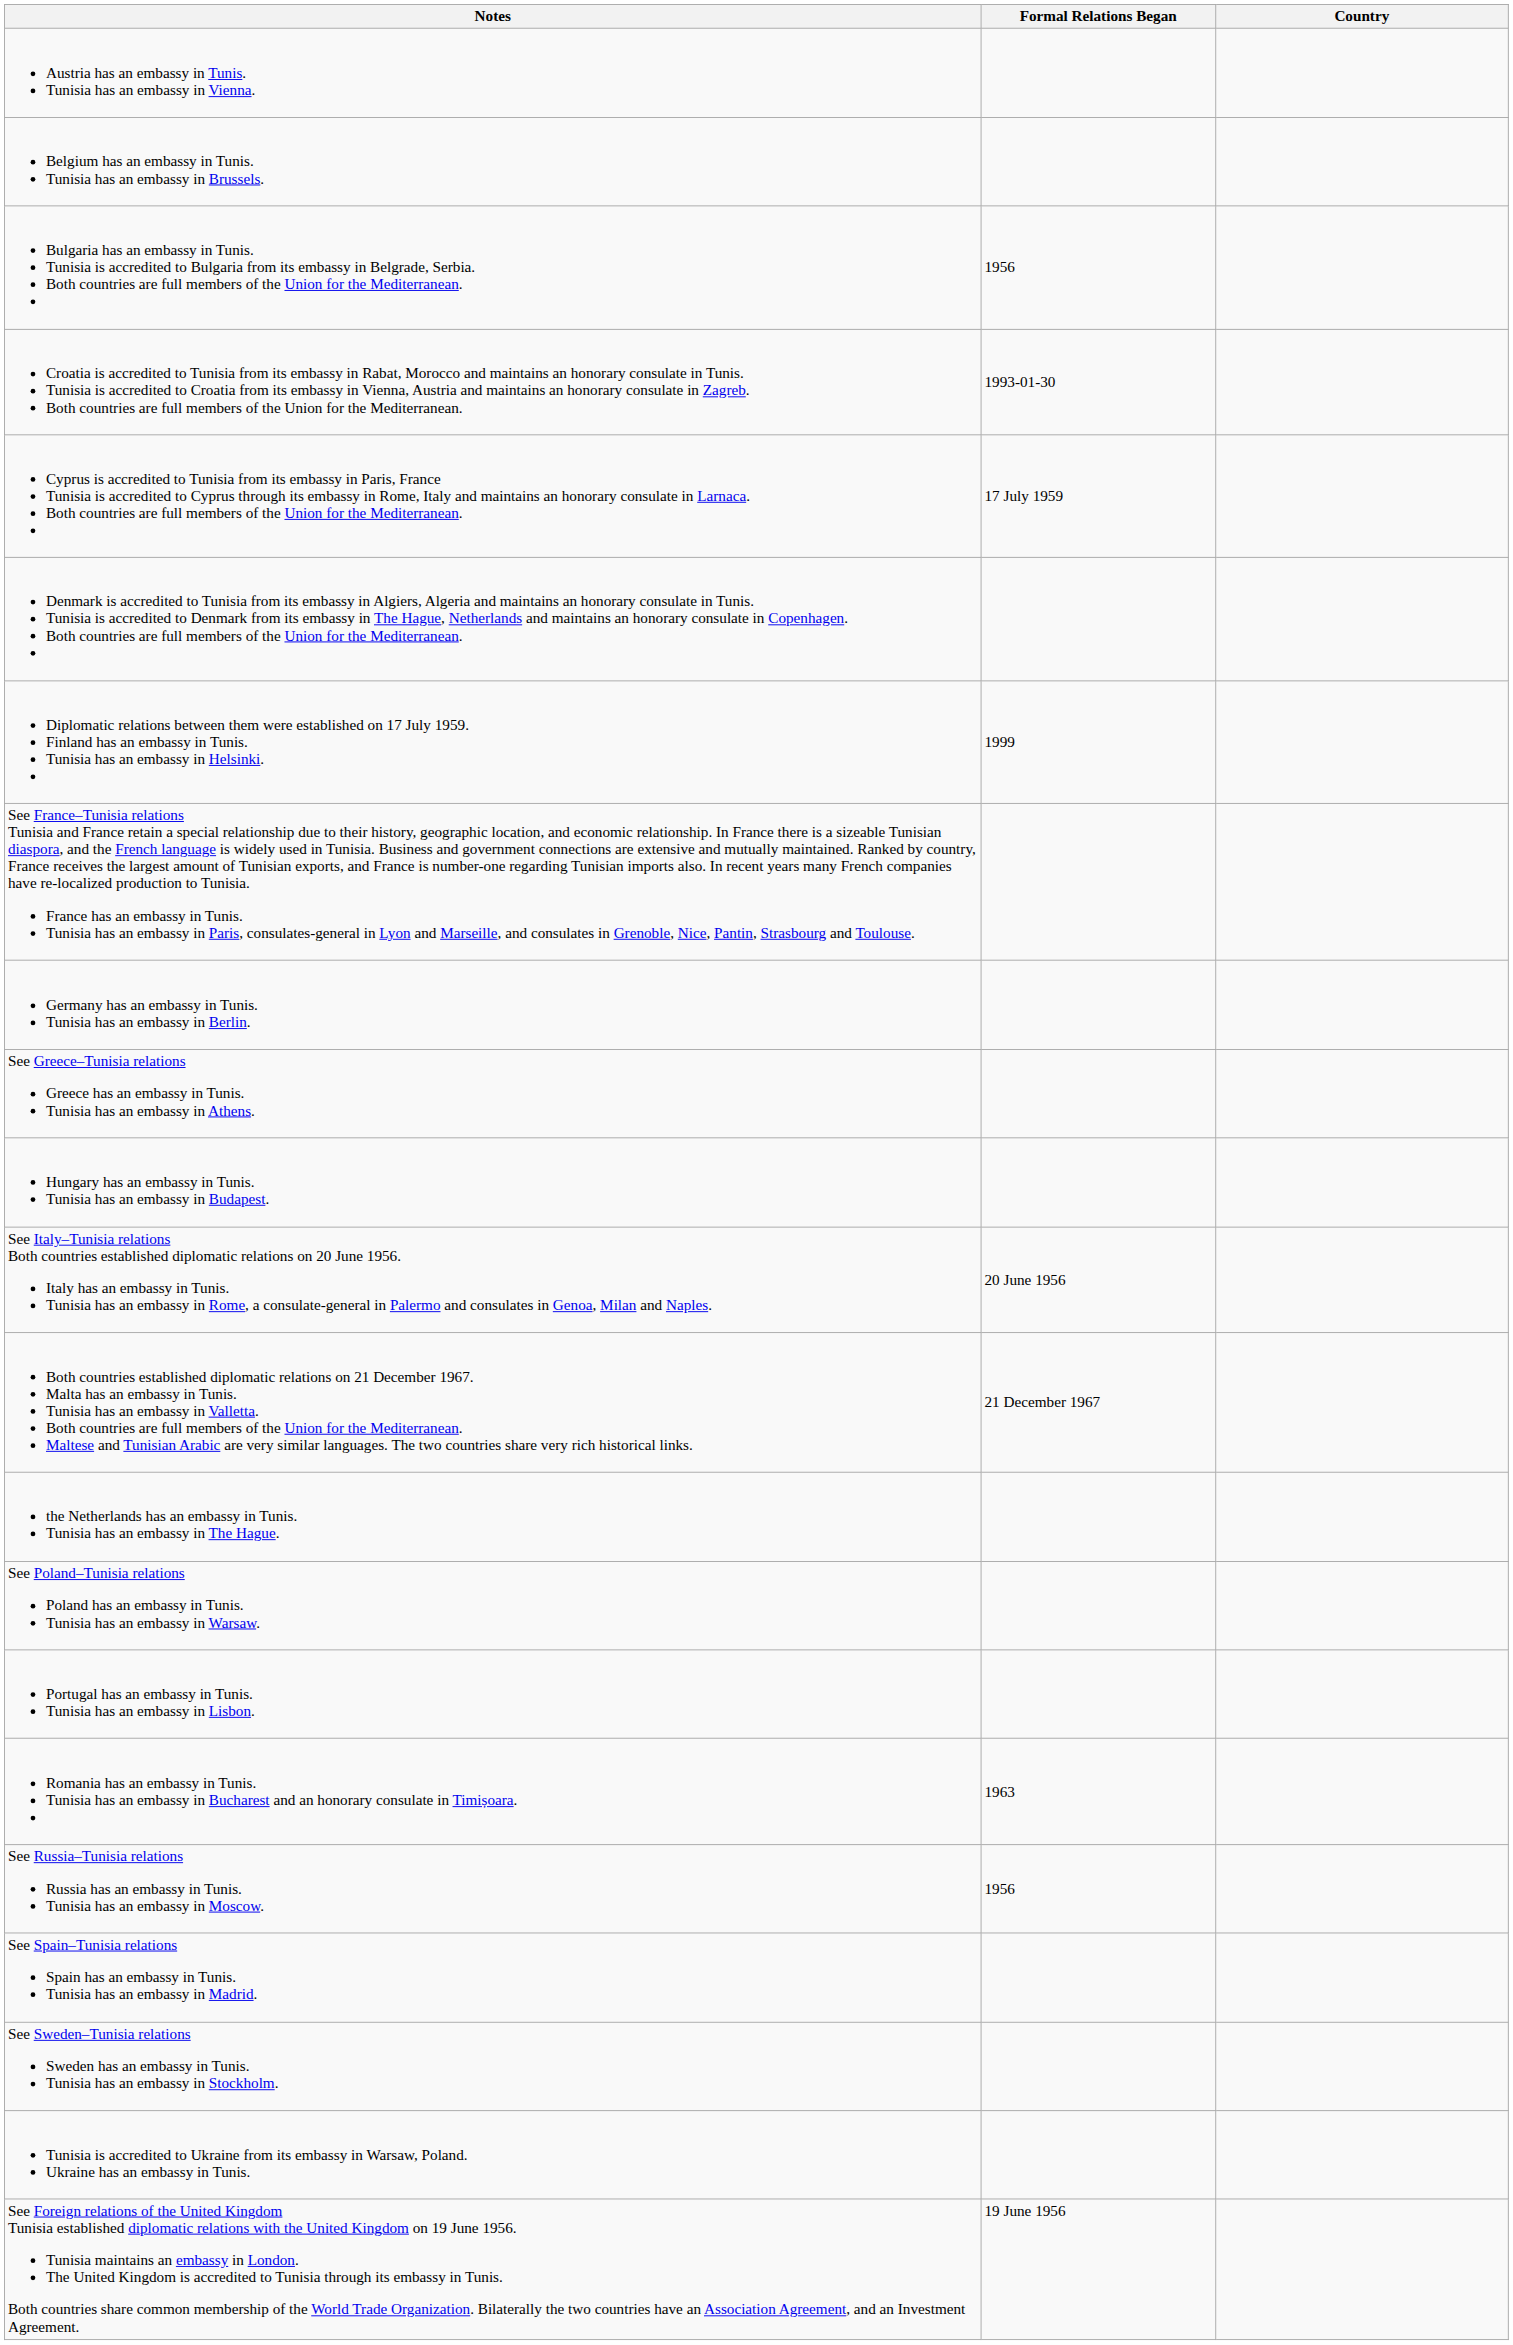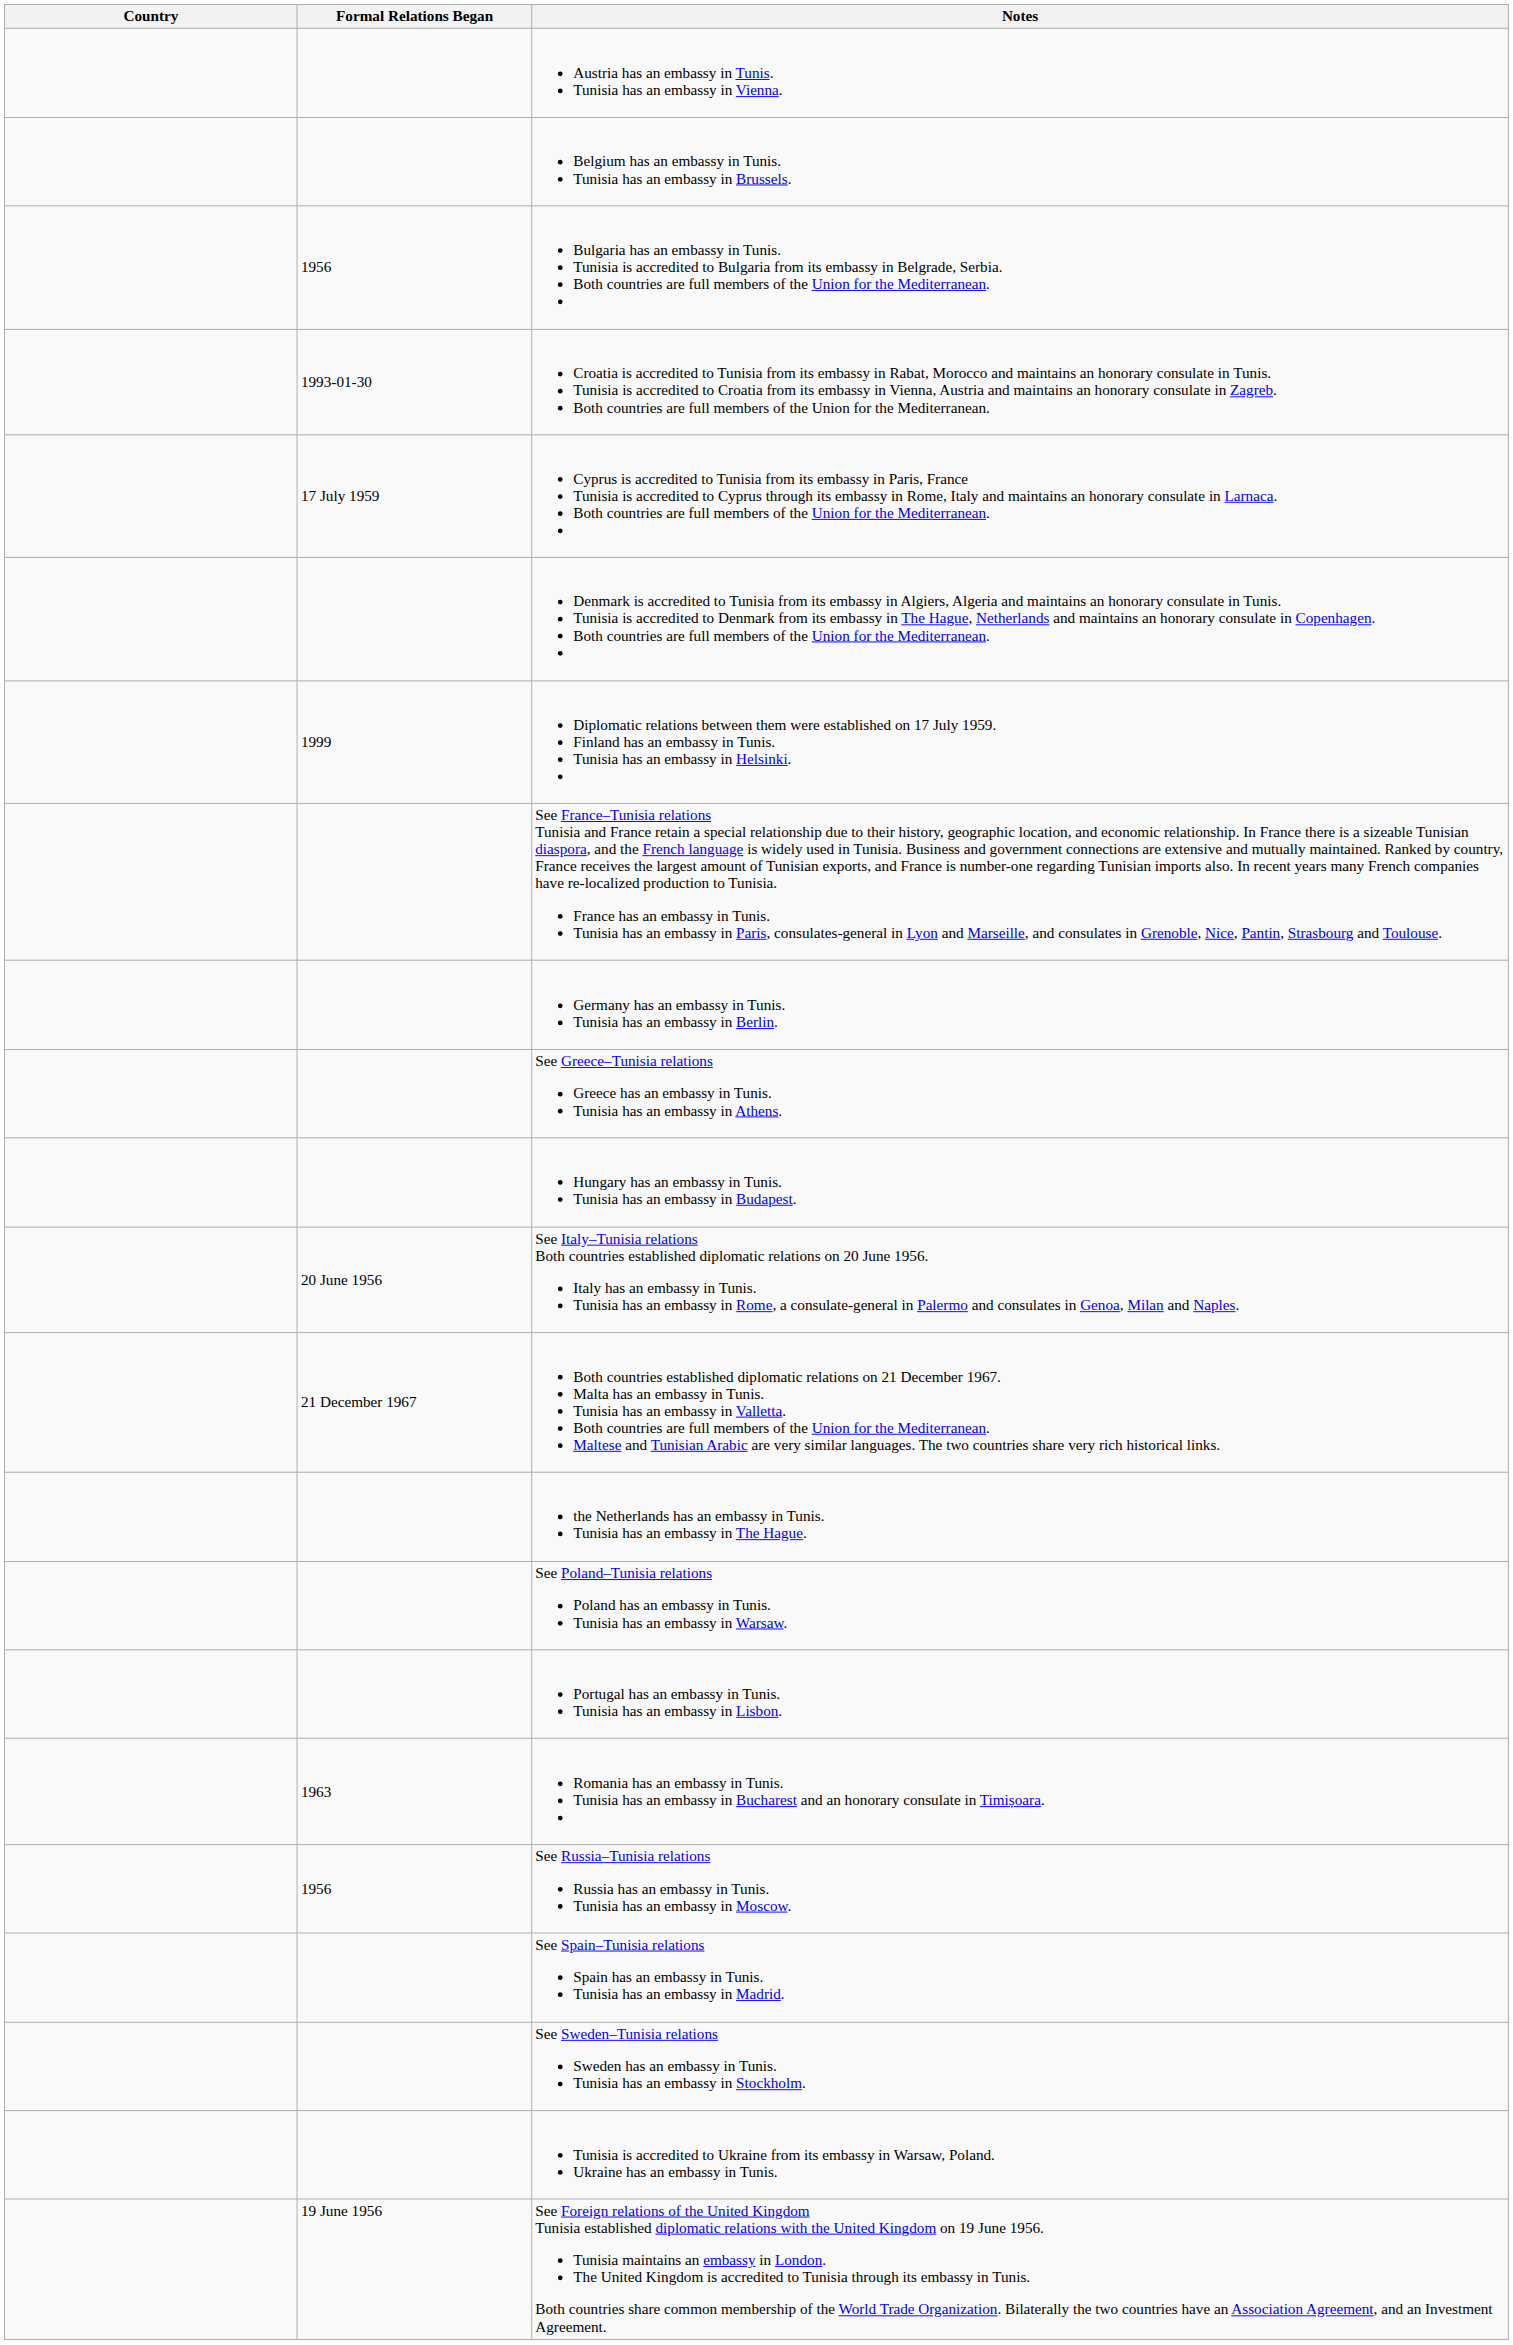 <table class="wikitable sortable" border="1" style="width:100%; margin:auto;">
 <tr>
+<th width="15%">Country</th>
+<th width="12%">Formal Relations Began</th>
 <th width="50%">Notes</th>
-<th width="12%">Formal Relations Began</th>
-<th width="15%">Country</th>
 </tr>
 <tr -valign="top">
-<td><br><ul><li>Austria has an embassy in <a href='#'>Tunis</a>.</li><li>Tunisia has an embassy in <a href='#'>Vienna</a>.</li></ul></td>
 <td></td>
 <td></td>
+<td><br><ul><li>Austria has an embassy in <a href='#'>Tunis</a>.</li><li>Tunisia has an embassy in <a href='#'>Vienna</a>.</li></ul></td>
 </tr>
 <tr -valign="top">
-<td><br><ul><li>Belgium has an embassy in Tunis.</li><li>Tunisia has an embassy in <a href='#'>Brussels</a>.</li></ul></td>
 <td></td>
 <td></td>
+<td><br><ul><li>Belgium has an embassy in Tunis.</li><li>Tunisia has an embassy in <a href='#'>Brussels</a>.</li></ul></td>
 </tr>
 <tr -valign="top">
+<td></td>
+<td>1956</td>
 <td><br><ul><li>Bulgaria has an embassy in Tunis.</li><li>Tunisia is accredited to Bulgaria from its embassy in Belgrade, Serbia.</li><li>Both countries are full members of the <a href='#'>Union for the Mediterranean</a>.</li><li></li></ul></td>
-<td>1956</td>
-<td></td>
 </tr>
 <tr -valign="top">
+<td></td>
+<td>1993-01-30</td>
 <td><br><ul><li>Croatia is accredited to Tunisia from its embassy in Rabat, Morocco and maintains an honorary consulate in Tunis.</li><li>Tunisia is accredited to Croatia from its embassy in Vienna, Austria and maintains an honorary consulate in <a href='#'>Zagreb</a>.</li><li>Both countries are full members of the Union for the Mediterranean.</li></ul></td>
-<td>1993-01-30</td>
-<td></td>
 </tr>
 <tr -valign="top">
+<td></td>
+<td>17 July 1959</td>
 <td><br><ul><li>Cyprus is accredited to Tunisia from its embassy in Paris, France</li><li>Tunisia is accredited to Cyprus through its embassy in Rome, Italy and maintains an honorary consulate in <a href='#'>Larnaca</a>.</li><li>Both countries are full members of the <a href='#'>Union for the Mediterranean</a>.</li><li></li></ul></td>
-<td>17 July 1959</td>
-<td></td>
 </tr>
 <tr -valign="top">
-<td><br><ul><li>Denmark is accredited to Tunisia from its embassy in Algiers, Algeria and maintains an honorary consulate in Tunis.</li><li>Tunisia is accredited to Denmark from its embassy in <a href='#'>The Hague</a>, <a href='#'>Netherlands</a> and maintains an honorary consulate in <a href='#'>Copenhagen</a>.</li><li>Both countries are full members of the <a href='#'>Union for the Mediterranean</a>.</li><li></li></ul></td>
 <td></td>
 <td></td>
+<td><br><ul><li>Denmark is accredited to Tunisia from its embassy in Algiers, Algeria and maintains an honorary consulate in Tunis.</li><li>Tunisia is accredited to Denmark from its embassy in <a href='#'>The Hague</a>, <a href='#'>Netherlands</a> and maintains an honorary consulate in <a href='#'>Copenhagen</a>.</li><li>Both countries are full members of the <a href='#'>Union for the Mediterranean</a>.</li><li></li></ul></td>
 </tr>
 <tr -valign="top">
+<td></td>
+<td>1999</td>
 <td><br><ul><li>Diplomatic relations between them were established on 17 July 1959.</li><li>Finland has an embassy in Tunis.</li><li>Tunisia has an embassy in <a href='#'>Helsinki</a>.</li><li> </li></ul></td>
-<td>1999</td>
-<td></td>
 </tr>
 <tr valign="top">
-<td>See <a href='#'>France–Tunisia relations</a><br>Tunisia and France retain a special relationship due to their history, geographic location, and economic relationship. In France there is a sizeable Tunisian <a href='#'>diaspora</a>, and the <a href='#'>French language</a> is widely used in Tunisia. Business and government connections are extensive and mutually maintained. Ranked by country, France receives the largest amount of Tunisian exports, and France is number-one regarding Tunisian imports also. In recent years many French companies have re-localized production to Tunisia.<ul><li>France has an embassy in Tunis.</li><li>Tunisia has an embassy in <a href='#'>Paris</a>, consulates-general in <a href='#'>Lyon</a> and <a href='#'>Marseille</a>, and consulates in <a href='#'>Grenoble</a>, <a href='#'>Nice</a>, <a href='#'>Pantin</a>, <a href='#'>Strasbourg</a> and <a href='#'>Toulouse</a>.</li></ul></td>
 <td></td>
 <td></td>
+<td>See <a href='#'>France–Tunisia relations</a><br>Tunisia and France retain a special relationship due to their history, geographic location, and economic relationship. In France there is a sizeable Tunisian <a href='#'>diaspora</a>, and the <a href='#'>French language</a> is widely used in Tunisia. Business and government connections are extensive and mutually maintained. Ranked by country, France receives the largest amount of Tunisian exports, and France is number-one regarding Tunisian imports also. In recent years many French companies have re-localized production to Tunisia.<ul><li>France has an embassy in Tunis.</li><li>Tunisia has an embassy in <a href='#'>Paris</a>, consulates-general in <a href='#'>Lyon</a> and <a href='#'>Marseille</a>, and consulates in <a href='#'>Grenoble</a>, <a href='#'>Nice</a>, <a href='#'>Pantin</a>, <a href='#'>Strasbourg</a> and <a href='#'>Toulouse</a>.</li></ul></td>
 </tr>
 <tr -valign="top">
-<td><br><ul><li>Germany has an embassy in Tunis.</li><li>Tunisia has an embassy in <a href='#'>Berlin</a>.</li></ul></td>
 <td></td>
 <td></td>
+<td><br><ul><li>Germany has an embassy in Tunis.</li><li>Tunisia has an embassy in <a href='#'>Berlin</a>.</li></ul></td>
 </tr>
 <tr -valign="top">
-<td>See <a href='#'>Greece–Tunisia relations</a><br><ul><li>Greece has an embassy in Tunis.</li><li>Tunisia has an embassy in <a href='#'>Athens</a>.</li></ul></td>
 <td></td>
 <td></td>
+<td>See <a href='#'>Greece–Tunisia relations</a><br><ul><li>Greece has an embassy in Tunis.</li><li>Tunisia has an embassy in <a href='#'>Athens</a>.</li></ul></td>
 </tr>
 <tr -valign="top">
-<td><br><ul><li>Hungary has an embassy in Tunis.</li><li>Tunisia has an embassy in <a href='#'>Budapest</a>.</li></ul></td>
 <td></td>
 <td></td>
+<td><br><ul><li>Hungary has an embassy in Tunis.</li><li>Tunisia has an embassy in <a href='#'>Budapest</a>.</li></ul></td>
 </tr>
 <tr -valign="top">
+<td></td>
+<td>20 June 1956</td>
 <td>See <a href='#'>Italy–Tunisia relations</a><br>Both countries established diplomatic relations on 20 June 1956.<ul><li>Italy has an embassy in Tunis.</li><li>Tunisia has an embassy in <a href='#'>Rome</a>, a consulate-general in <a href='#'>Palermo</a> and consulates in <a href='#'>Genoa</a>, <a href='#'>Milan</a> and <a href='#'>Naples</a>.</li></ul></td>
-<td>20 June 1956</td>
-<td></td>
 </tr>
 <tr -valign="top">
+<td></td>
+<td>21 December 1967</td>
 <td><br><ul><li>Both countries established diplomatic relations on 21 December 1967.</li><li>Malta has an embassy in Tunis.</li><li>Tunisia has an embassy in <a href='#'>Valletta</a>.</li><li>Both countries are full members of the <a href='#'>Union for the Mediterranean</a>.</li><li><a href='#'>Maltese</a> and <a href='#'>Tunisian Arabic</a> are very similar languages. The two countries share very rich historical links.</li></ul></td>
-<td>21 December 1967</td>
-<td></td>
 </tr>
 <tr -valign="top">
-<td><br><ul><li>the Netherlands has an embassy in Tunis.</li><li>Tunisia has an embassy in <a href='#'>The Hague</a>.</li></ul></td>
 <td></td>
 <td></td>
+<td><br><ul><li>the Netherlands has an embassy in Tunis.</li><li>Tunisia has an embassy in <a href='#'>The Hague</a>.</li></ul></td>
 </tr>
 <tr valign="top">
-<td>See <a href='#'>Poland–Tunisia relations</a><br><ul><li>Poland has an embassy in Tunis.</li><li>Tunisia has an embassy in <a href='#'>Warsaw</a>.</li></ul></td>
 <td></td>
 <td></td>
+<td>See <a href='#'>Poland–Tunisia relations</a><br><ul><li>Poland has an embassy in Tunis.</li><li>Tunisia has an embassy in <a href='#'>Warsaw</a>.</li></ul></td>
 </tr>
 <tr -valign="top">
-<td><br><ul><li>Portugal has an embassy in Tunis.</li><li>Tunisia has an embassy in <a href='#'>Lisbon</a>.</li></ul></td>
 <td></td>
 <td></td>
+<td><br><ul><li>Portugal has an embassy in Tunis.</li><li>Tunisia has an embassy in <a href='#'>Lisbon</a>.</li></ul></td>
 </tr>
 <tr -valign="top">
+<td></td>
+<td>1963</td>
 <td><br><ul><li>Romania has an embassy in Tunis.</li><li>Tunisia has an embassy in <a href='#'>Bucharest</a> and an honorary consulate in <a href='#'>Timișoara</a>.</li><li></li></ul></td>
-<td>1963</td>
-<td></td>
 </tr>
 <tr -valign="top">
+<td></td>
+<td>1956</td>
 <td>See <a href='#'>Russia–Tunisia relations</a><br><ul><li>Russia has an embassy in Tunis.</li><li>Tunisia has an embassy in <a href='#'>Moscow</a>.</li></ul></td>
-<td>1956</td>
-<td></td>
 </tr>
 <tr -valign="top">
-<td>See <a href='#'>Spain–Tunisia relations</a><br><ul><li>Spain has an embassy in Tunis.</li><li>Tunisia has an embassy in <a href='#'>Madrid</a>.</li></ul></td>
 <td></td>
 <td></td>
+<td>See <a href='#'>Spain–Tunisia relations</a><br><ul><li>Spain has an embassy in Tunis.</li><li>Tunisia has an embassy in <a href='#'>Madrid</a>.</li></ul></td>
 </tr>
 <tr -valign="top">
-<td>See <a href='#'>Sweden–Tunisia relations</a><br><ul><li>Sweden has an embassy in Tunis.</li><li>Tunisia has an embassy in <a href='#'>Stockholm</a>.</li></ul></td>
 <td></td>
 <td></td>
+<td>See <a href='#'>Sweden–Tunisia relations</a><br><ul><li>Sweden has an embassy in Tunis.</li><li>Tunisia has an embassy in <a href='#'>Stockholm</a>.</li></ul></td>
 </tr>
 <tr -valign="top">
-<td><br><ul><li>Tunisia is accredited to Ukraine from its embassy in Warsaw, Poland.</li><li>Ukraine has an embassy in Tunis.</li></ul></td>
 <td></td>
 <td></td>
+<td><br><ul><li>Tunisia is accredited to Ukraine from its embassy in Warsaw, Poland.</li><li>Ukraine has an embassy in Tunis.</li></ul></td>
 </tr>
 <tr valign="top">
+<td></td>
+<td>19 June 1956</td>
 <td>See <a href='#'>Foreign relations of the United Kingdom</a><br>Tunisia established <a href='#'>diplomatic relations with the United Kingdom</a> on 19 June 1956.<ul><li>Tunisia maintains an <a href='#'>embassy</a> in <a href='#'>London</a>.</li><li>The United Kingdom is accredited to Tunisia through its embassy in Tunis.</li></ul>Both countries share common membership of the <a href='#'>World Trade Organization</a>. Bilaterally the two countries have an <a href='#'>Association Agreement</a>, and an Investment Agreement.</td>
-<td>19 June 1956</td>
-<td></td>
 </tr>
 </table>
